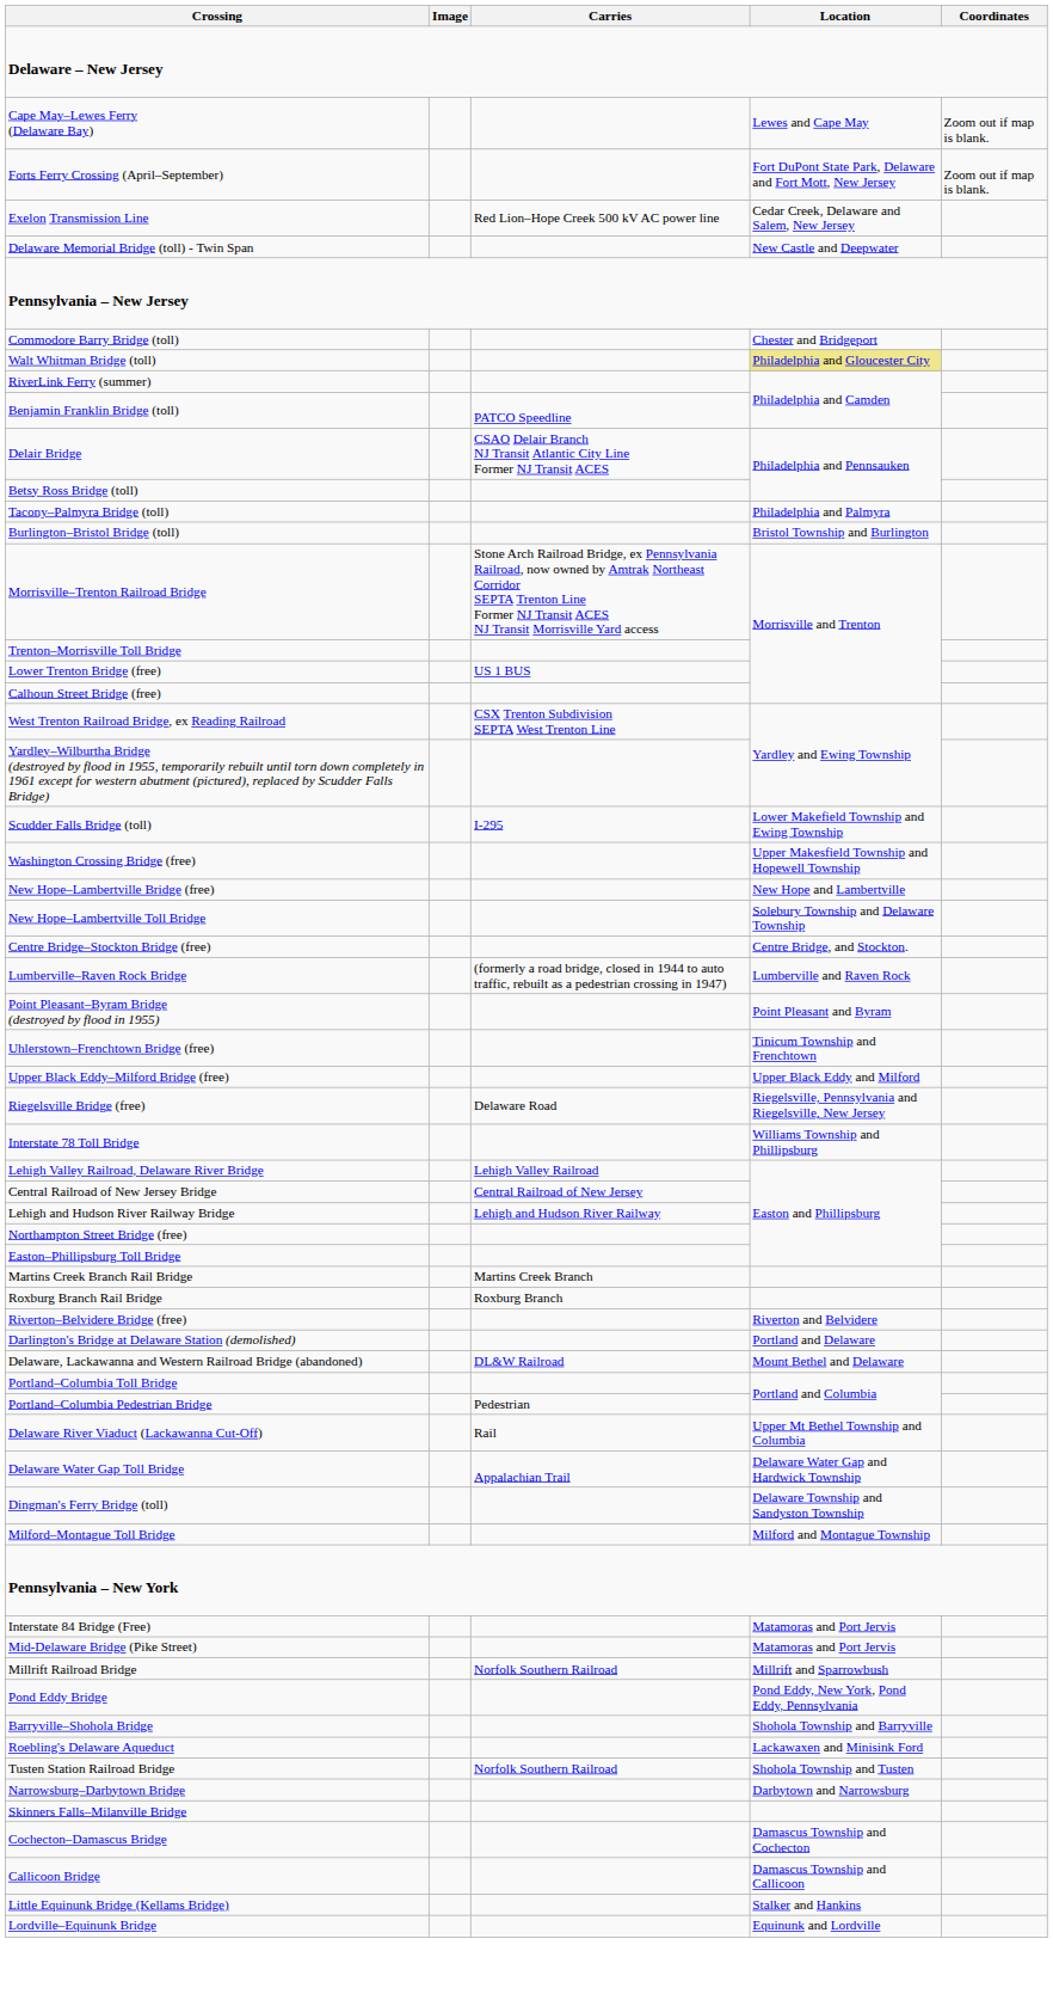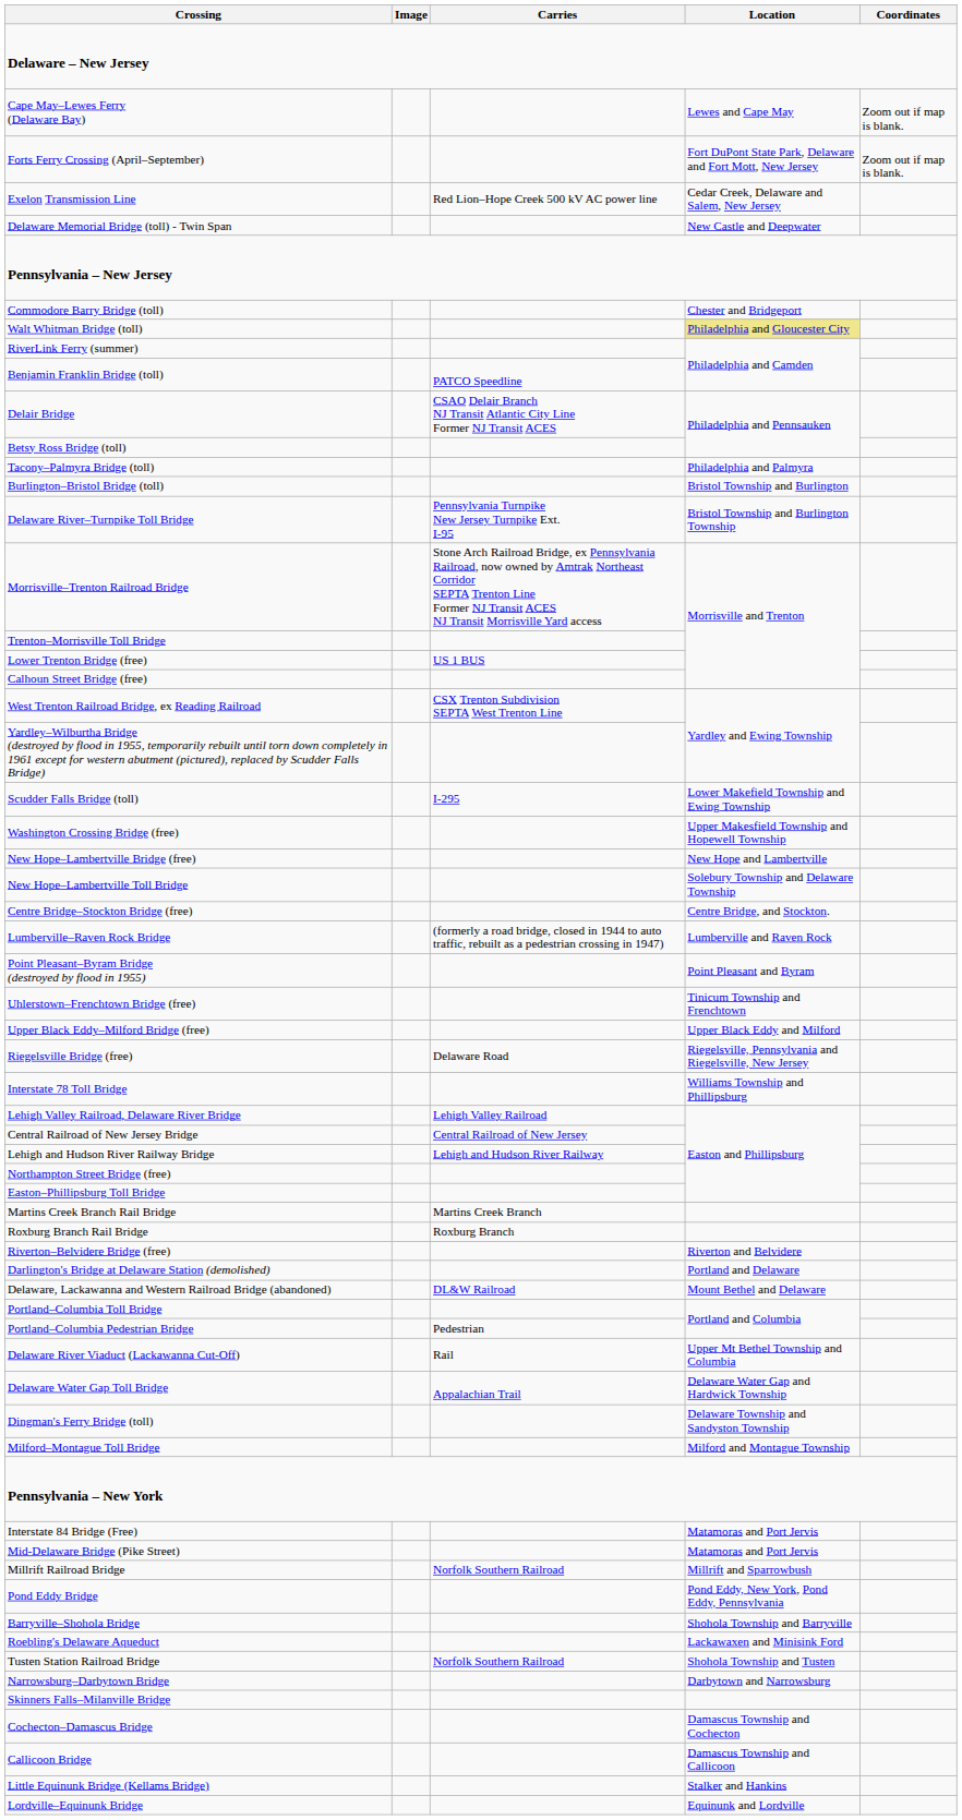 <table class=wikitable>
 <tr>
 <th>Crossing</th>
 <th>Image</th>
 <th>Carries</th>
 <th>Location</th>
 <th>Coordinates</th>
 </tr>
 <tr>
 <td colspan="5"><br><h3>Delaware – New Jersey</h3></td>
 </tr>
 <tr>
 <td><a href='#'>Cape May–Lewes Ferry</a><br>(<a href='#'>Delaware Bay</a>)</td>
 <td></td>
 <td></td>
 <td><a href='#'>Lewes</a> and <a href='#'>Cape May</a></td>
 <td><br>Zoom out if map is blank.</td>
 </tr>
 <tr>
 <td><a href='#'>Forts Ferry Crossing</a> (April–September)</td>
 <td></td>
 <td></td>
 <td><a href='#'>Fort DuPont State Park</a>, <a href='#'>Delaware</a> and <a href='#'>Fort Mott</a>, <a href='#'>New Jersey</a></td>
 <td><br>Zoom out if map is blank.</td>
 </tr>
 <tr>
 <td><a href='#'>Exelon</a> <a href='#'>Transmission Line</a></td>
 <td></td>
 <td>Red Lion–Hope Creek 500 kV AC power line</td>
 <td>Cedar Creek, Delaware and <a href='#'>Salem</a>, <a href='#'>New Jersey</a></td>
 <td></td>
 </tr>
 <tr>
 <td><a href='#'>Delaware Memorial Bridge</a> (toll) - Twin Span</td>
 <td></td>
 <td></td>
 <td><a href='#'>New Castle</a> and <a href='#'>Deepwater</a></td>
 <td></td>
 </tr>
 <tr>
 <td colspan="5"><br><h3>Pennsylvania – New Jersey</h3></td>
 </tr>
 <tr>
 <td><a href='#'>Commodore Barry Bridge</a> (toll)</td>
 <td></td>
 <td></td>
 <td><a href='#'>Chester</a> and <a href='#'>Bridgeport</a></td>
 <td></td>
 </tr>
 <tr>
 <td><a href='#'>Walt Whitman Bridge</a> (toll)</td>
 <td></td>
 <td></td>
 <td style="background: khaki;"><a href='#'>Philadelphia</a> and <a href='#'>Gloucester City</a></td>
 <td></td>
 </tr>
 <tr>
 <td><a href='#'>RiverLink Ferry</a> (summer)</td>
 <td></td>
 <td></td>
 <td rowspan="2"><a href='#'>Philadelphia</a> and <a href='#'>Camden</a></td>
 <td></td>
 </tr>
 <tr>
 <td><a href='#'>Benjamin Franklin Bridge</a> (toll)</td>
 <td></td>
 <td><br><a href='#'>PATCO Speedline</a></td>
 <td></td>
 </tr>
 <tr>
 <td><a href='#'>Delair Bridge</a></td>
 <td></td>
 <td><a href='#'>CSAO</a> <a href='#'>Delair Branch</a><br> <a href='#'>NJ Transit</a> <a href='#'>Atlantic City Line</a> <br> Former <a href='#'>NJ Transit</a> <a href='#'>ACES</a></td>
 <td rowspan="2"><a href='#'>Philadelphia</a> and <a href='#'>Pennsauken</a></td>
 <td></td>
 </tr>
 <tr>
 <td><a href='#'>Betsy Ross Bridge</a> (toll)</td>
 <td></td>
 <td></td>
 <td></td>
 </tr>
 <tr>
 <td><a href='#'>Tacony–Palmyra Bridge</a> (toll)</td>
 <td></td>
 <td><br></td>
 <td><a href='#'>Philadelphia</a> and <a href='#'>Palmyra</a></td>
 <td></td>
 </tr>
 <tr>
 <td><a href='#'>Burlington–Bristol Bridge</a> (toll)</td>
 <td></td>
 <td><br></td>
 <td><a href='#'>Bristol Township</a> and <a href='#'>Burlington</a></td>
+<td></td>
+</tr>
+<tr>
+<td><a href='#'>Delaware River–Turnpike Toll Bridge</a></td>
+<td></td>
+<td> <a href='#'>Pennsylvania Turnpike</a><br> <a href='#'>New Jersey Turnpike</a> Ext.<br> <a href='#'>I-95</a></td>
+<td><a href='#'>Bristol Township</a> and <a href='#'>Burlington Township</a></td>
 <td></td>
 </tr>
 <tr>
 <td><a href='#'>Morrisville–Trenton Railroad Bridge</a></td>
 <td></td>
 <td>Stone Arch Railroad Bridge, ex <a href='#'>Pennsylvania Railroad</a>, now owned by <a href='#'>Amtrak</a> <a href='#'>Northeast Corridor</a><br><a href='#'>SEPTA</a> <a href='#'>Trenton Line</a><br> Former <a href='#'>NJ Transit</a> <a href='#'>ACES</a><br> <a href='#'>NJ Transit</a> <a href='#'>Morrisville Yard</a> access</td>
 <td rowspan="4"><a href='#'>Morrisville</a> and <a href='#'>Trenton</a></td>
 <td></td>
 </tr>
 <tr>
 <td><a href='#'>Trenton–Morrisville Toll Bridge</a></td>
 <td></td>
 <td></td>
 <td></td>
 </tr>
 <tr>
 <td><a href='#'>Lower Trenton Bridge</a> (free)</td>
 <td></td>
 <td> <a href='#'>US 1 BUS</a></td>
 <td></td>
 </tr>
 <tr>
 <td><a href='#'>Calhoun Street Bridge</a> (free)</td>
 <td></td>
 <td></td>
 <td></td>
 </tr>
 <tr>
 <td><a href='#'>West Trenton Railroad Bridge</a>, ex <a href='#'>Reading Railroad</a></td>
 <td></td>
 <td><a href='#'>CSX</a> <a href='#'>Trenton Subdivision</a><br><a href='#'>SEPTA</a> <a href='#'>West Trenton Line</a></td>
 <td rowspan="2"><a href='#'>Yardley</a> and <a href='#'>Ewing Township</a></td>
 <td></td>
 </tr>
 <tr>
 <td><a href='#'>Yardley–Wilburtha Bridge</a><br><em>(destroyed by flood in 1955, temporarily rebuilt until torn down completely in 1961 except for western abutment (pictured), replaced by Scudder Falls Bridge)</em></td>
 <td></td>
 <td></td>
 <td></td>
 </tr>
 <tr>
 <td><a href='#'>Scudder Falls Bridge</a> (toll)</td>
 <td></td>
 <td> <a href='#'>I-295</a></td>
 <td><a href='#'>Lower Makefield Township</a> and <a href='#'>Ewing Township</a></td>
 <td></td>
 </tr>
 <tr>
 <td><a href='#'>Washington Crossing Bridge</a> (free)</td>
 <td></td>
 <td></td>
 <td><a href='#'>Upper Makesfield Township</a> and <a href='#'>Hopewell Township</a></td>
 <td></td>
 </tr>
 <tr>
 <td><a href='#'>New Hope–Lambertville Bridge</a> (free)</td>
 <td></td>
 <td><br></td>
 <td><a href='#'>New Hope</a> and <a href='#'>Lambertville</a></td>
 <td></td>
 </tr>
 <tr>
 <td><a href='#'>New Hope–Lambertville Toll Bridge</a></td>
 <td></td>
 <td></td>
 <td><a href='#'>Solebury Township</a> and <a href='#'>Delaware Township</a></td>
 <td></td>
 </tr>
 <tr>
 <td><a href='#'>Centre Bridge–Stockton Bridge</a> (free)</td>
 <td></td>
 <td></td>
 <td><a href='#'>Centre Bridge</a>, and <a href='#'>Stockton</a>.</td>
 <td></td>
 </tr>
 <tr>
 <td><a href='#'>Lumberville–Raven Rock Bridge</a></td>
 <td></td>
 <td>(formerly a road bridge, closed in 1944 to auto traffic, rebuilt as a pedestrian crossing in 1947)</td>
 <td><a href='#'>Lumberville</a> and <a href='#'>Raven Rock</a></td>
 <td></td>
 </tr>
 <tr>
 <td><a href='#'>Point Pleasant–Byram Bridge</a><br><em>(destroyed by flood in 1955)</em></td>
 <td></td>
 <td></td>
 <td><a href='#'>Point Pleasant</a> and <a href='#'>Byram</a></td>
 <td></td>
 </tr>
 <tr>
 <td><a href='#'>Uhlerstown–Frenchtown Bridge</a> (free)</td>
 <td></td>
 <td></td>
 <td><a href='#'>Tinicum Township</a> and <a href='#'>Frenchtown</a></td>
 <td></td>
 </tr>
 <tr>
 <td><a href='#'>Upper Black Eddy–Milford Bridge</a> (free)</td>
 <td></td>
 <td></td>
 <td><a href='#'>Upper Black Eddy</a> and <a href='#'>Milford</a></td>
 <td></td>
 </tr>
 <tr>
 <td><a href='#'>Riegelsville Bridge</a> (free)</td>
 <td></td>
 <td>Delaware Road</td>
 <td><a href='#'>Riegelsville, Pennsylvania</a> and <a href='#'>Riegelsville, New Jersey</a></td>
 <td></td>
 </tr>
 <tr>
 <td><a href='#'>Interstate 78 Toll Bridge</a></td>
 <td></td>
 <td></td>
 <td><a href='#'>Williams Township</a> and <a href='#'>Phillipsburg</a></td>
 <td></td>
 </tr>
 <tr>
 <td><a href='#'>Lehigh Valley Railroad, Delaware River Bridge</a></td>
 <td></td>
 <td><a href='#'>Lehigh Valley Railroad</a></td>
 <td rowspan="5"><a href='#'>Easton</a> and <a href='#'>Phillipsburg</a></td>
 <td></td>
 </tr>
 <tr>
 <td>Central Railroad of New Jersey Bridge</td>
 <td></td>
 <td><a href='#'>Central Railroad of New Jersey</a></td>
 <td></td>
 </tr>
 <tr>
 <td>Lehigh and Hudson River Railway Bridge</td>
 <td></td>
 <td><a href='#'>Lehigh and Hudson River Railway</a></td>
 <td></td>
 </tr>
 <tr>
 <td><a href='#'>Northampton Street Bridge</a> (free)</td>
 <td></td>
 <td></td>
 <td></td>
 </tr>
 <tr>
 <td><a href='#'>Easton–Phillipsburg Toll Bridge</a></td>
 <td></td>
 <td></td>
 <td></td>
 </tr>
 <tr>
 <td>Martins Creek Branch Rail Bridge</td>
 <td></td>
 <td>Martins Creek Branch</td>
 <td></td>
 <td></td>
 </tr>
 <tr>
 <td>Roxburg Branch Rail Bridge</td>
 <td></td>
 <td>Roxburg Branch</td>
 <td></td>
 <td></td>
 </tr>
 <tr>
 <td><a href='#'>Riverton–Belvidere Bridge</a> (free)</td>
 <td></td>
 <td></td>
 <td><a href='#'>Riverton</a> and <a href='#'>Belvidere</a></td>
 <td></td>
 </tr>
 <tr>
 <td><a href='#'>Darlington's Bridge at Delaware Station</a> <em>(demolished)</em></td>
 <td></td>
 <td></td>
 <td><a href='#'>Portland</a> and <a href='#'>Delaware</a></td>
 <td></td>
 </tr>
 <tr>
 <td>Delaware, Lackawanna and Western Railroad Bridge (abandoned)</td>
 <td></td>
 <td><a href='#'>DL&W Railroad</a></td>
 <td><a href='#'>Mount Bethel</a> and <a href='#'>Delaware</a></td>
 <td></td>
 </tr>
 <tr>
 <td><a href='#'>Portland–Columbia Toll Bridge</a></td>
 <td></td>
 <td></td>
 <td rowspan="2"><a href='#'>Portland</a> and <a href='#'>Columbia</a></td>
 <td></td>
 </tr>
 <tr>
 <td><a href='#'>Portland–Columbia Pedestrian Bridge</a></td>
 <td></td>
 <td>Pedestrian</td>
 <td></td>
 </tr>
 <tr>
 <td><a href='#'>Delaware River Viaduct</a> (<a href='#'>Lackawanna Cut-Off</a>)</td>
 <td></td>
 <td>Rail</td>
 <td><a href='#'>Upper Mt Bethel Township</a> and <a href='#'>Columbia</a></td>
 <td></td>
 </tr>
 <tr>
 <td><a href='#'>Delaware Water Gap Toll Bridge</a></td>
 <td></td>
 <td> <br> <a href='#'>Appalachian Trail</a></td>
 <td><a href='#'>Delaware Water Gap</a> and <a href='#'>Hardwick Township</a></td>
 <td></td>
 </tr>
 <tr>
 <td><a href='#'>Dingman's Ferry Bridge</a> (toll)</td>
 <td></td>
 <td><br></td>
 <td><a href='#'>Delaware Township</a> and<br><a href='#'>Sandyston Township</a></td>
 <td></td>
 </tr>
 <tr>
 <td><a href='#'>Milford–Montague Toll Bridge</a></td>
 <td></td>
 <td></td>
 <td><a href='#'>Milford</a> and <a href='#'>Montague Township</a></td>
 <td></td>
 </tr>
 <tr>
 <td colspan="5"><br><h3>Pennsylvania – New York</h3></td>
 </tr>
 <tr>
 <td>Interstate 84 Bridge (Free)</td>
 <td></td>
 <td></td>
 <td><a href='#'>Matamoras</a> and <a href='#'>Port Jervis</a></td>
 <td></td>
 </tr>
 <tr>
 <td><a href='#'>Mid-Delaware Bridge</a> (Pike Street)</td>
 <td></td>
 <td></td>
 <td><a href='#'>Matamoras</a> and <a href='#'>Port Jervis</a></td>
 <td></td>
 </tr>
 <tr>
 <td>Millrift Railroad Bridge</td>
 <td></td>
 <td><a href='#'>Norfolk Southern Railroad</a></td>
 <td><a href='#'>Millrift</a> and <a href='#'>Sparrowbush</a></td>
 <td></td>
 </tr>
 <tr>
 <td><a href='#'>Pond Eddy Bridge</a></td>
 <td></td>
 <td><br></td>
 <td><a href='#'>Pond Eddy, New York</a>, <a href='#'>Pond Eddy, Pennsylvania</a></td>
 <td></td>
 </tr>
 <tr>
 <td><a href='#'>Barryville&ndash;Shohola Bridge</a></td>
 <td></td>
 <td><br></td>
 <td><a href='#'>Shohola Township</a> and <a href='#'>Barryville</a></td>
 <td></td>
 </tr>
 <tr>
 <td><a href='#'>Roebling's Delaware Aqueduct</a></td>
 <td></td>
 <td></td>
 <td><a href='#'>Lackawaxen</a> and <a href='#'>Minisink Ford</a></td>
 <td></td>
 </tr>
 <tr>
 <td>Tusten Station Railroad Bridge</td>
 <td></td>
 <td><a href='#'>Norfolk Southern Railroad</a></td>
 <td><a href='#'>Shohola Township</a> and <a href='#'>Tusten</a></td>
 <td></td>
 </tr>
 <tr>
 <td><a href='#'>Narrowsburg–Darbytown Bridge</a></td>
 <td></td>
 <td><br></td>
 <td><a href='#'>Darbytown</a> and <a href='#'>Narrowsburg</a></td>
 <td></td>
 </tr>
 <tr>
 <td><a href='#'>Skinners Falls–Milanville Bridge</a></td>
 <td></td>
 <td></td>
 <td></td>
 <td></td>
 </tr>
 <tr>
 <td><a href='#'>Cochecton–Damascus Bridge</a></td>
 <td></td>
 <td></td>
 <td><a href='#'>Damascus Township</a> and <a href='#'>Cochecton</a></td>
 <td></td>
 </tr>
 <tr>
 <td><a href='#'>Callicoon Bridge</a></td>
 <td></td>
 <td></td>
 <td><a href='#'>Damascus Township</a> and <a href='#'>Callicoon</a></td>
 <td></td>
 </tr>
 <tr>
 <td><a href='#'>Little Equinunk Bridge (Kellams Bridge)</a></td>
 <td></td>
 <td></td>
 <td><a href='#'>Stalker</a> and <a href='#'>Hankins</a></td>
 <td></td>
 </tr>
 <tr>
 <td><a href='#'>Lordville–Equinunk Bridge</a></td>
 <td></td>
 <td></td>
 <td><a href='#'>Equinunk</a> and <a href='#'>Lordville</a></td>
 <td></td>
 </tr>
 </table>
